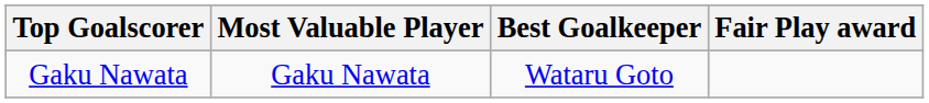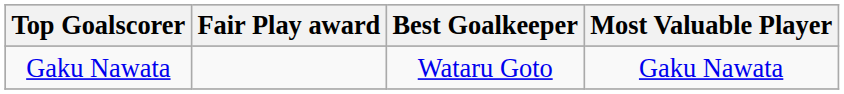 <table class="wikitable" style="text-align: center; margin: 0 auto;">
 <tr>
 <th>Top Goalscorer</th>
+<th>Fair Play award</th>
+<th>Best Goalkeeper</th>
 <th>Most Valuable Player</th>
-<th>Best Goalkeeper</th>
-<th>Fair Play award</th>
 </tr>
 <tr>
 <td> <a href='#'>Gaku Nawata</a></td>
+<td></td>
+<td> <a href='#'>Wataru Goto</a></td>
 <td> <a href='#'>Gaku Nawata</a></td>
-<td> <a href='#'>Wataru Goto</a></td>
-<td></td>
 </tr>
 </table>
